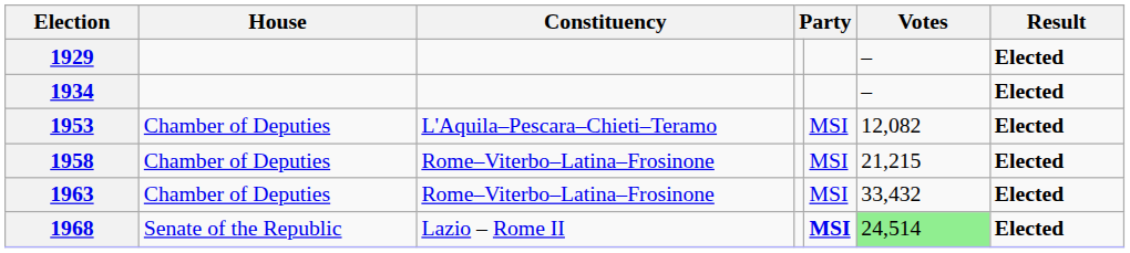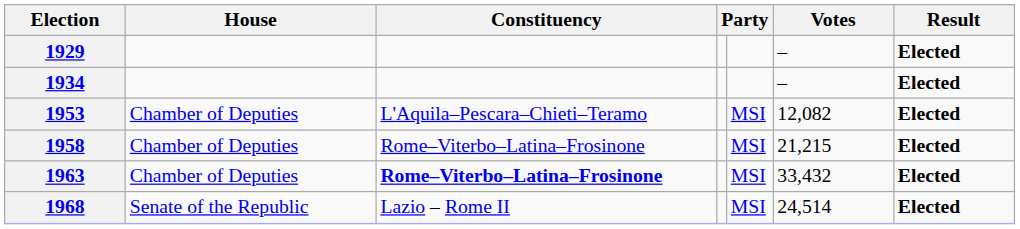 <table class=wikitable style="width:65%; border:1px #AAAAFF solid">
 <tr>
 <th width=12%>Election</th>
 <th width=25%>House</th>
 <th width=34%>Constituency</th>
 <th width=5% colspan="2">Party</th>
 <th width=12%>Votes</th>
 <th width=12%>Result</th>
 </tr>
 <tr>
 <th><a href='#'>1929</a></th>
 <td></td>
 <td></td>
 <td></td>
 <td></td>
 <td>–</td>
 <td> <strong>Elected</strong></td>
 </tr>
 <tr>
 <th><a href='#'>1934</a></th>
 <td></td>
 <td></td>
 <td></td>
 <td></td>
 <td>–</td>
 <td> <strong>Elected</strong></td>
 </tr>
 <tr>
 <th><a href='#'>1953</a></th>
 <td><a href='#'>Chamber of Deputies</a></td>
 <td><a href='#'>L'Aquila–Pescara–Chieti–Teramo</a></td>
 <td></td>
 <td><a href='#'>MSI</a></td>
 <td>12,082</td>
 <td> <strong>Elected</strong></td>
 </tr>
 <tr>
 <th><a href='#'>1958</a></th>
 <td><a href='#'>Chamber of Deputies</a></td>
 <td><a href='#'>Rome–Viterbo–Latina–Frosinone</a></td>
 <td></td>
 <td><a href='#'>MSI</a></td>
 <td>21,215</td>
 <td> <strong>Elected</strong></td>
 </tr>
 <tr>
 <th><a href='#'>1963</a></th>
 <td><a href='#'>Chamber of Deputies</a></td>
-<td><a href='#'>Rome–Viterbo–Latina–Frosinone</a></td>
+<td><strong><a href='#'>Rome–Viterbo–Latina–Frosinone</a></strong></td>
 <td></td>
 <td><a href='#'>MSI</a></td>
 <td>33,432</td>
 <td> <strong>Elected</strong></td>
 </tr>
 <tr>
 <th><a href='#'>1968</a></th>
 <td><a href='#'>Senate of the Republic</a></td>
 <td><a href='#'>Lazio</a> – <a href='#'>Rome II</a></td>
 <td></td>
-<td><strong><a href='#'>MSI</a></strong></td>
-<td style="background: lightgreen;">24,514</td>
+<td><a href='#'>MSI</a></td>
+<td>24,514</td>
 <td> <strong>Elected</strong></td>
 </tr>
 <tr>
 </tr>
 </table>
